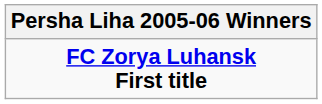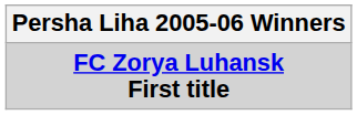 <table class="wikitable" style="text-align: center; margin: 0 auto;">
 <tr>
 <th>Persha Liha 2005-06 Winners</th>
 </tr>
 <tr>
-<td><strong><a href='#'>FC Zorya Luhansk</a></strong><br><strong>First title</strong></td>
+<td style="background: lightgrey;"><strong><a href='#'>FC Zorya Luhansk</a></strong><br><strong>First title</strong></td>
 </tr>
 </table>
